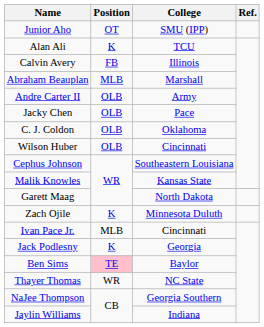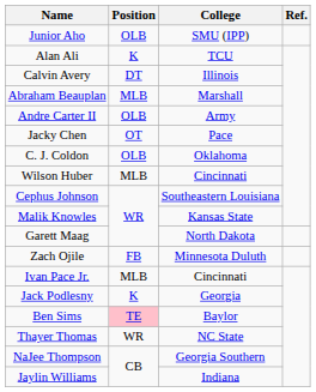 <table class="wikitable" style="text-align:center">
 <tr>
 <th>Name</th>
 <th>Position</th>
 <th>College</th>
 <th>Ref.</th>
 </tr>
 <tr>
 <td><a href='#'>Junior Aho</a></td>
-<td><a href='#'>OT</a></td>
+<td><a href='#'>OLB</a></td>
 <td><a href='#'>SMU</a> (<a href='#'>IPP</a>)</td>
 <td></td>
 </tr>
 <tr>
 <td>Alan Ali</td>
 <td><a href='#'>K</a></td>
 <td><a href='#'>TCU</a></td>
 <td rowspan="9"></td>
 </tr>
 <tr>
 <td>Calvin Avery</td>
-<td><a href='#'>FB</a></td>
+<td><a href='#'>DT</a></td>
 <td><a href='#'>Illinois</a></td>
 </tr>
 <tr>
 <td><a href='#'>Abraham Beauplan</a></td>
 <td><a href='#'>MLB</a></td>
 <td><a href='#'>Marshall</a></td>
 </tr>
 <tr>
 <td><a href='#'>Andre Carter II</a></td>
 <td><a href='#'>OLB</a></td>
 <td><a href='#'>Army</a></td>
 </tr>
 <tr>
 <td>Jacky Chen</td>
-<td><a href='#'>OLB</a></td>
+<td><a href='#'>OT</a></td>
 <td><a href='#'>Pace</a></td>
 </tr>
 <tr>
 <td>C. J. Coldon</td>
 <td><a href='#'>OLB</a></td>
 <td><a href='#'>Oklahoma</a></td>
 </tr>
 <tr>
 <td>Wilson Huber</td>
-<td><a href='#'>OLB</a></td>
+<td>MLB</td>
 <td><a href='#'>Cincinnati</a></td>
 </tr>
 <tr>
 <td><a href='#'>Cephus Johnson</a></td>
 <td rowspan="3"><a href='#'>WR</a></td>
 <td><a href='#'>Southeastern Louisiana</a></td>
 </tr>
 <tr>
 <td><a href='#'>Malik Knowles</a></td>
 <td><a href='#'>Kansas State</a></td>
 </tr>
 <tr>
 <td>Garett Maag</td>
 <td><a href='#'>North Dakota</a></td>
 <td></td>
 </tr>
 <tr>
 <td>Zach Ojile</td>
-<td><a href='#'>K</a></td>
+<td><a href='#'>FB</a></td>
 <td><a href='#'>Minnesota Duluth</a></td>
 <td></td>
 </tr>
 <tr>
 <td><a href='#'>Ivan Pace Jr.</a></td>
 <td>MLB</td>
 <td>Cincinnati</td>
 <td rowspan="6"></td>
 </tr>
 <tr>
 <td><a href='#'>Jack Podlesny</a></td>
 <td><a href='#'>K</a></td>
 <td><a href='#'>Georgia</a></td>
 </tr>
 <tr>
 <td><a href='#'>Ben Sims</a></td>
 <td style="background: pink;"><a href='#'>TE</a></td>
 <td><a href='#'>Baylor</a></td>
 </tr>
 <tr>
 <td><a href='#'>Thayer Thomas</a></td>
 <td>WR</td>
 <td><a href='#'>NC State</a></td>
 </tr>
 <tr>
 <td><a href='#'>NaJee Thompson</a></td>
 <td rowspan="2">CB</td>
 <td><a href='#'>Georgia Southern</a></td>
 </tr>
 <tr>
 <td><a href='#'>Jaylin Williams</a></td>
 <td><a href='#'>Indiana</a></td>
 </tr>
 </table>
